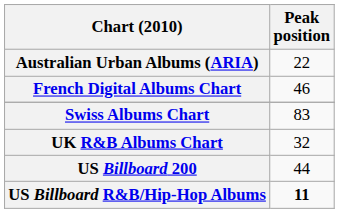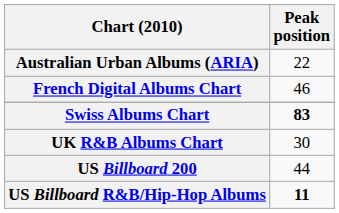 <table class="wikitable plainrowheaders sortable" style="text-align:center;">
 <tr>
 <th scope="col">Chart (2010)</th>
 <th>Peak<br>position</th>
 </tr>
 <tr>
 <th scope="row">Australian Urban Albums (<a href='#'>ARIA</a>)</th>
 <td>22</td>
 </tr>
 <tr>
 <th scope="row"><a href='#'>French Digital Albums Chart</a></th>
 <td>46</td>
 </tr>
 <tr>
 </tr>
 <tr>
 <th scope="row"><a href='#'>Swiss Albums Chart</a></th>
-<td>83</td>
+<td><strong>83</strong></td>
 </tr>
 <tr>
 <th scope="row">UK <a href='#'>R&B Albums Chart</a></th>
-<td>32</td>
+<td>30</td>
 </tr>
 <tr>
 <th scope="row">US <a href='#'><em>Billboard</em> 200</a></th>
 <td>44</td>
 </tr>
 <tr>
 <th scope="row">US <em>Billboard</em> <a href='#'>R&B/Hip-Hop Albums</a></th>
 <td><strong>11</strong></td>
 </tr>
 </table>
